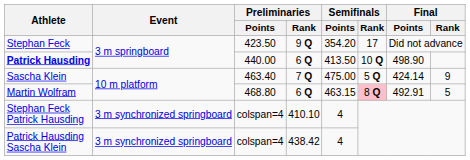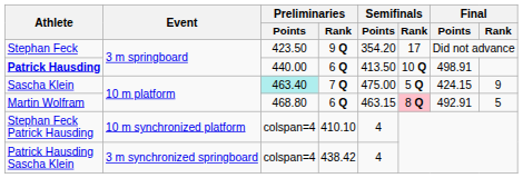 <table class=wikitable style="font-size:90%">
 <tr>
 <th rowspan="2">Athlete</th>
 <th rowspan="2">Event</th>
 <th colspan="2">Preliminaries</th>
 <th colspan="2">Semifinals</th>
 <th colspan="2">Final</th>
 </tr>
 <tr style="font-size:95%">
 <th>Points</th>
 <th>Rank</th>
 <th>Points</th>
 <th>Rank</th>
 <th>Points</th>
 <th>Rank</th>
 </tr>
 <tr align=center>
 <td align=left><a href='#'>Stephan Feck</a></td>
 <td align=left rowspan=2><a href='#'>3 m springboard</a></td>
 <td>423.50</td>
 <td>9 <strong>Q</strong></td>
 <td>354.20</td>
 <td>17</td>
 <td colspan=2>Did not advance</td>
 </tr>
 <tr align=center>
 <td align=left><strong><a href='#'>Patrick Hausding</a></strong></td>
 <td>440.00</td>
 <td>6 <strong>Q</strong></td>
 <td>413.50</td>
 <td>10 <strong>Q</strong></td>
-<td>498.90</td>
+<td>498.91</td>
 <td></td>
 </tr>
 <tr align=center>
 <td align=left><a href='#'>Sascha Klein</a></td>
 <td align=left rowspan=2><a href='#'>10 m platform</a></td>
-<td>463.40</td>
+<td style="background: paleturquoise;">463.40</td>
 <td>7 <strong>Q</strong></td>
 <td>475.00</td>
 <td>5 <strong>Q</strong></td>
-<td>424.14</td>
+<td>424.15</td>
 <td>9</td>
 </tr>
 <tr align=center>
 <td align=left><a href='#'>Martin Wolfram</a></td>
 <td>468.80</td>
 <td>6 <strong>Q</strong></td>
 <td>463.15</td>
 <td style="background: pink;">8 <strong>Q</strong></td>
 <td>492.91</td>
 <td>5</td>
 </tr>
 <tr align=center>
 <td align=left><a href='#'>Stephan Feck</a><br><a href='#'>Patrick Hausding</a></td>
-<td align=left><a href='#'>3 m synchronized springboard</a></td>
+<td align=left><a href='#'>10 m synchronized platform</a></td>
 <td>colspan=4 </td>
 <td>410.10</td>
 <td>4</td>
 </tr>
 <tr align=center>
 <td align=left><a href='#'>Patrick Hausding</a><br><a href='#'>Sascha Klein</a></td>
 <td align=left><a href='#'>3 m synchronized springboard</a></td>
 <td>colspan=4 </td>
 <td>438.42</td>
 <td>4</td>
 </tr>
 </table>
